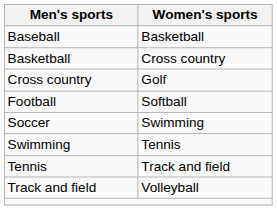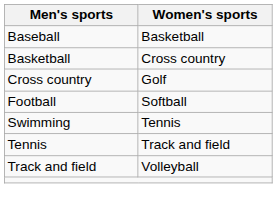 <table class="wikitable"; style= "text-align: ">
 <tr>
 <th width=150px>Men's sports</th>
 <th width=150px>Women's sports</th>
 </tr>
 <tr>
 <td>Baseball</td>
 <td>Basketball</td>
 </tr>
 <tr>
 <td>Basketball</td>
 <td>Cross country</td>
 </tr>
 <tr>
 <td>Cross country</td>
 <td>Golf</td>
 </tr>
 <tr>
 <td>Football</td>
 <td>Softball</td>
 </tr>
 <tr>
-<td>Soccer</td>
-<td>Swimming</td>
-</tr>
-<tr>
 <td>Swimming</td>
 <td>Tennis</td>
 </tr>
 <tr>
 <td>Tennis</td>
 <td>Track and field</td>
 </tr>
 <tr>
 <td>Track and field</td>
 <td>Volleyball</td>
 </tr>
 <tr>
 <td colspan=2></td>
 </tr>
 </table>
